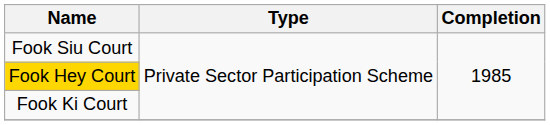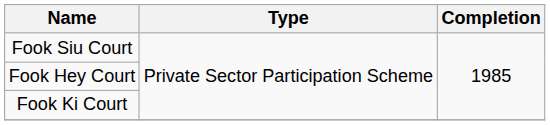 <table class="wikitable" style="text-align: center">
 <tr>
 <th>Name</th>
 <th>Type</th>
 <th>Completion</th>
 </tr>
 <tr>
 <td>Fook Siu Court</td>
 <td rowspan="3">Private Sector Participation Scheme</td>
 <td rowspan="3">1985</td>
 </tr>
 <tr>
-<td style="background: gold;">Fook Hey Court</td>
+<td>Fook Hey Court</td>
 </tr>
 <tr>
 <td>Fook Ki Court</td>
 </tr>
 <tr>
 </tr>
 </table>
